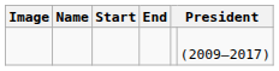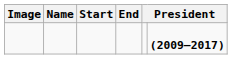 <table class="wikitable sortable">
 <tr>
 <th class=unsortable>Image</th>
 <th>Name</th>
 <th>Start</th>
 <th>End</th>
 <th colspan=2>President</th>
 </tr>
 <tr>
 <td></td>
 <td></td>
 <td></td>
 <td></td>
 <td style="background: "></td>
-<td><br>(2009–2017)</td>
+<td><strong><br>(2009–2017)</strong></td>
 </tr>
 </table>
